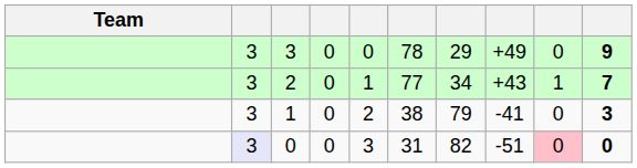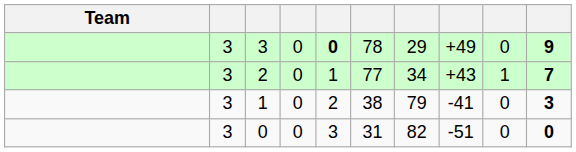 <table class="wikitable" style="text-align:center;">
 <tr>
 <th style="width:11.0em;">Team</th>
 <th style="width:1.5em;"></th>
 <th style="width:1.5em;"></th>
 <th style="width:1.5em;"></th>
 <th style="width:1.5em;"></th>
 <th style="width:2.0em;"></th>
 <th style="width:2.0em;"></th>
 <th style="width:2.0em;"></th>
 <th style="width:2.0em;"></th>
 <th style="width:2.0em;"></th>
 </tr>
 <tr bgcolor=#cfc>
 <td align="left"></td>
 <td>3</td>
 <td>3</td>
 <td>0</td>
-<td>0</td>
+<td><strong>0</strong></td>
 <td>78</td>
 <td>29</td>
 <td>+49</td>
 <td>0</td>
 <td><strong>9</strong></td>
 </tr>
 <tr bgcolor=#cfc>
 <td align="left"></td>
 <td>3</td>
 <td>2</td>
 <td>0</td>
 <td>1</td>
 <td>77</td>
 <td>34</td>
 <td>+43</td>
 <td>1</td>
 <td><strong>7</strong></td>
 </tr>
 <tr>
 <td align="left"></td>
 <td>3</td>
 <td>1</td>
 <td>0</td>
 <td>2</td>
 <td>38</td>
 <td>79</td>
 <td>-41</td>
 <td>0</td>
 <td><strong>3</strong></td>
 </tr>
 <tr>
 <td align="left"></td>
-<td style="background: lavender;">3</td>
+<td>3</td>
 <td>0</td>
 <td>0</td>
 <td>3</td>
 <td>31</td>
 <td>82</td>
 <td>-51</td>
-<td style="background: pink;">0</td>
+<td>0</td>
 <td><strong>0</strong></td>
 </tr>
 </table>
